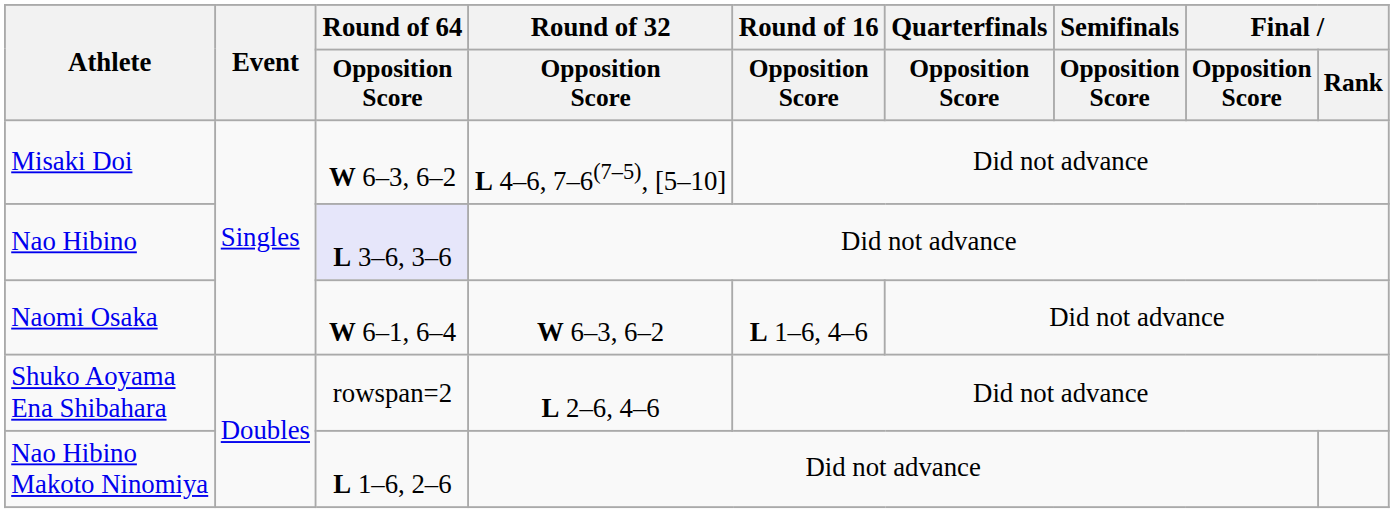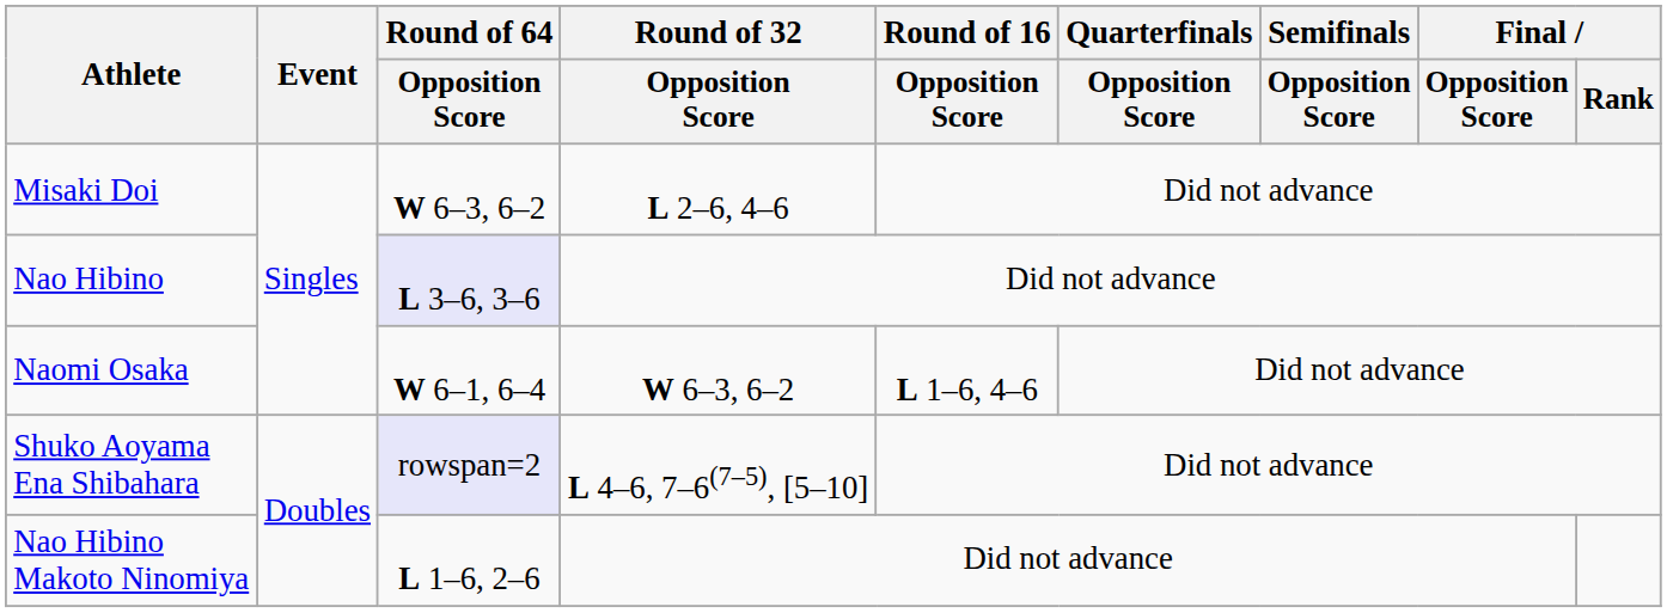 <table class=wikitable style="text-align:center; font-size:90%">
 <tr>
 <th rowspan="2">Athlete</th>
 <th rowspan="2">Event</th>
 <th>Round of 64</th>
 <th>Round of 32</th>
 <th>Round of 16</th>
 <th>Quarterfinals</th>
 <th>Semifinals</th>
 <th colspan=2>Final / </th>
 </tr>
 <tr style="font-size:95%">
 <th>Opposition<br>Score</th>
 <th>Opposition<br>Score</th>
 <th>Opposition<br>Score</th>
 <th>Opposition<br>Score</th>
 <th>Opposition<br>Score</th>
 <th>Opposition<br>Score</th>
 <th>Rank</th>
 </tr>
 <tr>
 <td align=left><a href='#'>Misaki Doi</a></td>
 <td rowspan="3" align="left"><a href='#'>Singles</a></td>
 <td><br> <strong>W</strong> 6–3, 6–2</td>
-<td><br><strong>L</strong> 4–6, 7–6<sup>(7–5)</sup>, [5–10]</td>
+<td><br><strong>L</strong> 2–6, 4–6</td>
 <td colspan=5>Did not advance</td>
 </tr>
 <tr>
 <td align=left><a href='#'>Nao Hibino</a></td>
 <td style="background: lavender;"><br> <strong>L</strong> 3–6, 3–6</td>
 <td colspan=6>Did not advance</td>
 </tr>
 <tr>
 <td align=left><a href='#'>Naomi Osaka</a></td>
 <td><br><strong>W</strong> 6–1, 6–4</td>
 <td><br><strong>W</strong> 6–3, 6–2</td>
 <td><br><strong>L</strong> 1–6, 4–6</td>
 <td colspan=4>Did not advance</td>
 </tr>
 <tr>
 <td align="left"><a href='#'>Shuko Aoyama</a><br><a href='#'>Ena Shibahara</a></td>
 <td rowspan="2" align="left"><a href='#'>Doubles</a></td>
-<td>rowspan=2 </td>
-<td><br><strong>L</strong> 2–6, 4–6</td>
+<td style="background: lavender;">rowspan=2 </td>
+<td><br><strong>L</strong> 4–6, 7–6<sup>(7–5)</sup>, [5–10]</td>
 <td colspan=5>Did not advance</td>
 </tr>
 <tr>
 <td align="left"><a href='#'>Nao Hibino</a><br><a href='#'>Makoto Ninomiya</a></td>
 <td><br> <strong>L</strong> 1–6, 2–6</td>
 <td colspan=5>Did not advance</td>
 </tr>
 </table>
